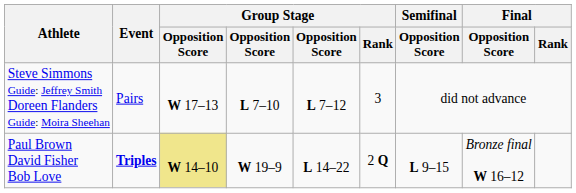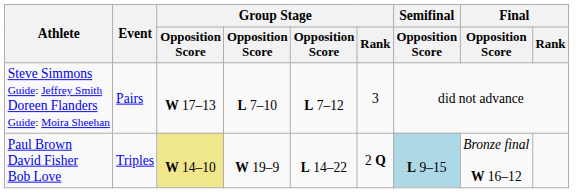 <table class="wikitable" style="font-size:90%">
 <tr>
 <th rowspan=2>Athlete</th>
 <th rowspan=2>Event</th>
 <th colspan=4>Group Stage</th>
 <th>Semifinal</th>
 <th colspan=2>Final</th>
 </tr>
 <tr style="font-size:95%">
 <th>Opposition<br>Score</th>
 <th>Opposition<br>Score</th>
 <th>Opposition<br>Score</th>
 <th>Rank</th>
 <th>Opposition<br>Score</th>
 <th>Opposition<br>Score</th>
 <th>Rank</th>
 </tr>
 <tr align=center>
 <td align=left><a href='#'>Steve Simmons</a><br><small><a href='#'>Guide</a>: <a href='#'>Jeffrey Smith</a></small><br><a href='#'>Doreen Flanders</a><br><small><a href='#'>Guide</a>: <a href='#'>Moira Sheehan</a></small></td>
 <td align=left><a href='#'>Pairs</a></td>
 <td><br><strong>W</strong> 17–13</td>
 <td><br><strong>L</strong> 7–10</td>
 <td><br><strong>L</strong> 7–12</td>
 <td>3</td>
 <td colspan=3>did not advance</td>
 </tr>
 <tr align=center>
 <td align=left><a href='#'>Paul Brown</a><br><a href='#'>David Fisher</a><br><a href='#'>Bob Love</a></td>
-<td align=left><strong><a href='#'>Triples</a></strong></td>
+<td align=left><a href='#'>Triples</a></td>
 <td style="background: khaki;"><br><strong>W</strong> 14–10</td>
 <td><br><strong>W</strong> 19–9</td>
 <td><br><strong>L</strong> 14–22</td>
 <td>2 <strong>Q</strong></td>
-<td><br><strong>L</strong> 9–15</td>
+<td style="background: lightblue;"><br><strong>L</strong> 9–15</td>
 <td><em>Bronze final</em><br><br><strong>W</strong> 16–12</td>
 <td></td>
 </tr>
 </table>
